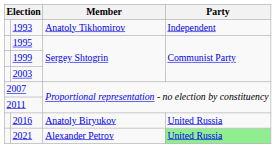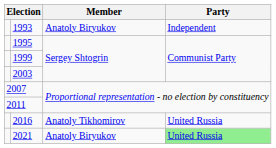 <table class="wikitable">
 <tr>
 <th colspan="2">Election</th>
 <th>Member</th>
 <th>Party</th>
 </tr>
 <tr>
 <td style="background-color: "></td>
 <td><a href='#'>1993</a></td>
-<td><a href='#'>Anatoly Tikhomirov</a></td>
+<td><a href='#'>Anatoly Biryukov</a></td>
 <td><a href='#'>Independent</a></td>
 </tr>
 <tr>
 <td style="background-color: "></td>
 <td><a href='#'>1995</a></td>
 <td rowspan=3><a href='#'>Sergey Shtogrin</a></td>
 <td rowspan=3><a href='#'>Communist Party</a></td>
 </tr>
 <tr>
 <td style="background-color: "></td>
 <td><a href='#'>1999</a></td>
 </tr>
 <tr>
 <td style="background-color: "></td>
 <td><a href='#'>2003</a></td>
 </tr>
 <tr>
 <td colspan=2><a href='#'>2007</a></td>
 <td colspan=2 rowspan=2><em><a href='#'>Proportional representation</a> - no election by constituency</em></td>
 </tr>
 <tr>
 <td colspan=2><a href='#'>2011</a></td>
 </tr>
 <tr>
 <td style="background-color: "></td>
 <td><a href='#'>2016</a></td>
-<td><a href='#'>Anatoly Biryukov</a></td>
+<td><a href='#'>Anatoly Tikhomirov</a></td>
 <td><a href='#'>United Russia</a></td>
 </tr>
 <tr>
 <td style="background-color: "></td>
 <td><a href='#'>2021</a></td>
-<td><a href='#'>Alexander Petrov</a></td>
+<td><a href='#'>Anatoly Biryukov</a></td>
 <td style="background: lightgreen;"><a href='#'>United Russia</a></td>
 </tr>
 </table>
